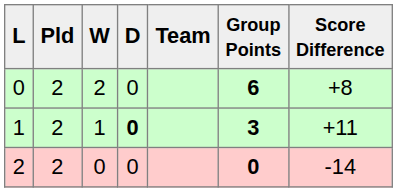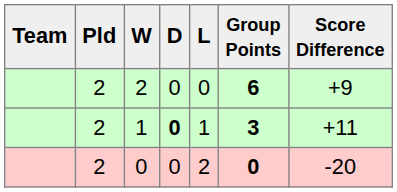 <table style=border-collapse:collapse border=1 cellspacing=0 cellpadding=5>
 <tr align=center bgcolor=#efefef>
-<th>L</th>
+<th>Team</th>
 <th>Pld</th>
 <th>W</th>
 <th>D</th>
-<th>Team</th>
+<th>L</th>
 <th><small>Group<br>Points</small></th>
 <th><small>Score<br>Difference</small></th>
 </tr>
 <tr align=center style="background:#cfc;">
-<td>0</td>
+<td style="text-align:left;"> </td>
 <td>2</td>
 <td>2</td>
 <td>0</td>
-<td style="text-align:left;"> </td>
+<td>0</td>
 <td><strong>6</strong></td>
-<td>+8</td>
+<td>+9</td>
 </tr>
 <tr align=center style="background:#cfc;">
-<td>1</td>
+<td style="text-align:left;"> </td>
 <td>2</td>
 <td>1</td>
 <td><strong>0</strong></td>
-<td style="text-align:left;"> </td>
+<td>1</td>
 <td><strong>3</strong></td>
 <td>+11</td>
 </tr>
 <tr align=center style="background:#ffcccc;">
-<td>2</td>
+<td style="text-align:left;"> </td>
 <td>2</td>
 <td>0</td>
 <td>0</td>
-<td style="text-align:left;"> </td>
+<td>2</td>
 <td><strong>0</strong></td>
-<td>-14</td>
+<td>-20</td>
 </tr>
 </table>
